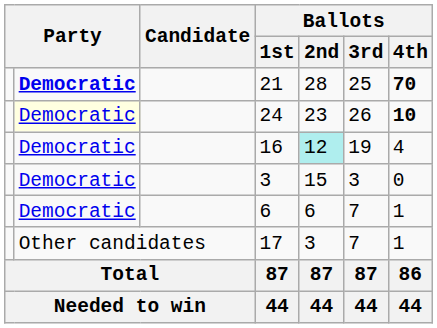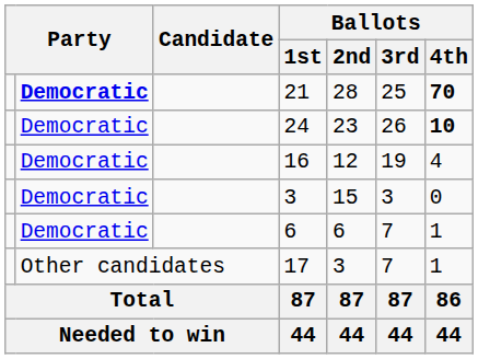 <table class="wikitable sortable">
 <tr>
 <th colspan="2" rowspan="2">Party</th>
 <th rowspan="2">Candidate</th>
 <th colspan="4">Ballots</th>
 </tr>
 <tr>
 <th>1st</th>
 <th>2nd</th>
 <th>3rd</th>
 <th>4th</th>
 </tr>
 <tr>
 <td style="background-color:"></td>
 <td><a href='#'><strong>Democratic</strong></a></td>
 <td><strong></strong></td>
 <td>21</td>
 <td>28</td>
 <td>25</td>
 <td><strong>70</strong></td>
 </tr>
 <tr>
 <td style="background-color:"></td>
-<td style="background: lightyellow;"><a href='#'>Democratic</a></td>
+<td><a href='#'>Democratic</a></td>
 <td></td>
 <td>24</td>
 <td>23</td>
 <td>26</td>
 <td><strong>10</strong></td>
 </tr>
 <tr>
 <td style="background-color:"></td>
 <td><a href='#'>Democratic</a></td>
 <td></td>
 <td>16</td>
-<td style="background: paleturquoise;">12</td>
+<td>12</td>
 <td>19</td>
 <td>4</td>
 </tr>
 <tr>
 <td style="background-color:"></td>
 <td><a href='#'>Democratic</a></td>
 <td></td>
 <td>3</td>
 <td>15</td>
 <td>3</td>
 <td>0</td>
 </tr>
 <tr>
 <td style="background-color:"></td>
 <td><a href='#'>Democratic</a></td>
 <td></td>
 <td>6</td>
 <td>6</td>
 <td>7</td>
 <td>1</td>
 </tr>
 <tr class="sortbottom static-row-header">
 <td></td>
 <td colspan="2">Other candidates</td>
 <td>17</td>
 <td>3</td>
 <td>7</td>
 <td>1</td>
 </tr>
 <tr>
 <th colspan="3">Total</th>
 <th>87</th>
 <th>87</th>
 <th>87</th>
 <th>86</th>
 </tr>
 <tr>
 <th colspan="3">Needed to win</th>
 <th>44</th>
 <th>44</th>
 <th>44</th>
 <th>44</th>
 </tr>
 </table>
